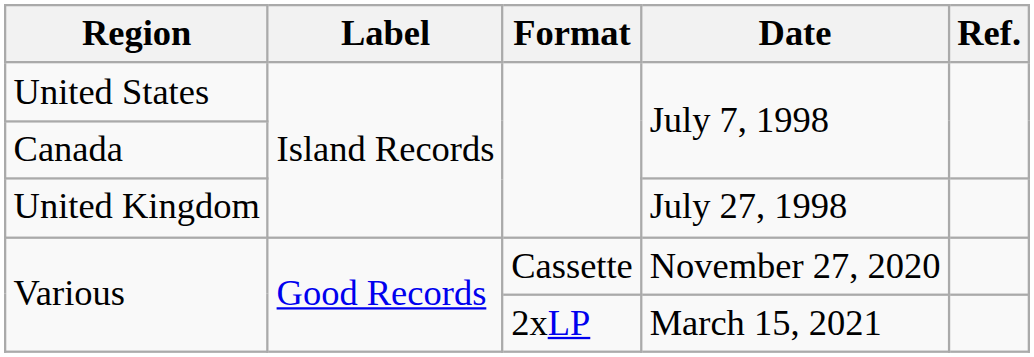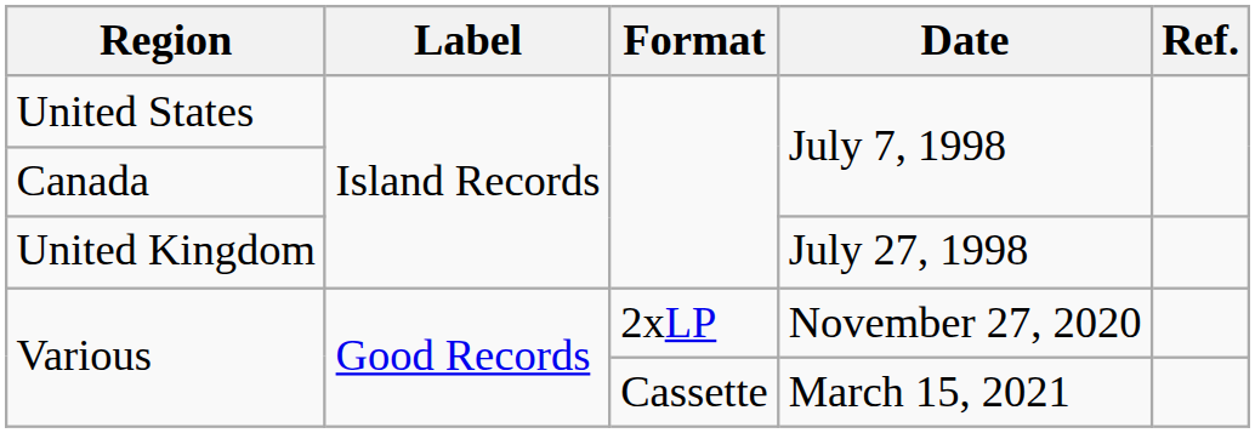 <table class="wikitable">
 <tr>
 <th>Region</th>
 <th>Label</th>
 <th>Format</th>
 <th>Date</th>
 <th>Ref.</th>
 </tr>
 <tr>
 <td>United States</td>
 <td rowspan="3">Island Records</td>
 <td rowspan="3"></td>
 <td rowspan="2">July 7, 1998</td>
 <td rowspan="2"></td>
 </tr>
 <tr>
 <td>Canada</td>
 </tr>
 <tr>
 <td>United Kingdom</td>
 <td>July 27, 1998</td>
 <td></td>
 </tr>
 <tr>
 <td rowspan="2">Various</td>
 <td rowspan="2"><a href='#'>Good Records</a></td>
-<td>Cassette</td>
+<td>2x<a href='#'>LP</a></td>
 <td>November 27, 2020</td>
 <td></td>
 </tr>
 <tr>
-<td>2x<a href='#'>LP</a></td>
+<td>Cassette</td>
 <td>March 15, 2021</td>
 <td></td>
 </tr>
 </table>
